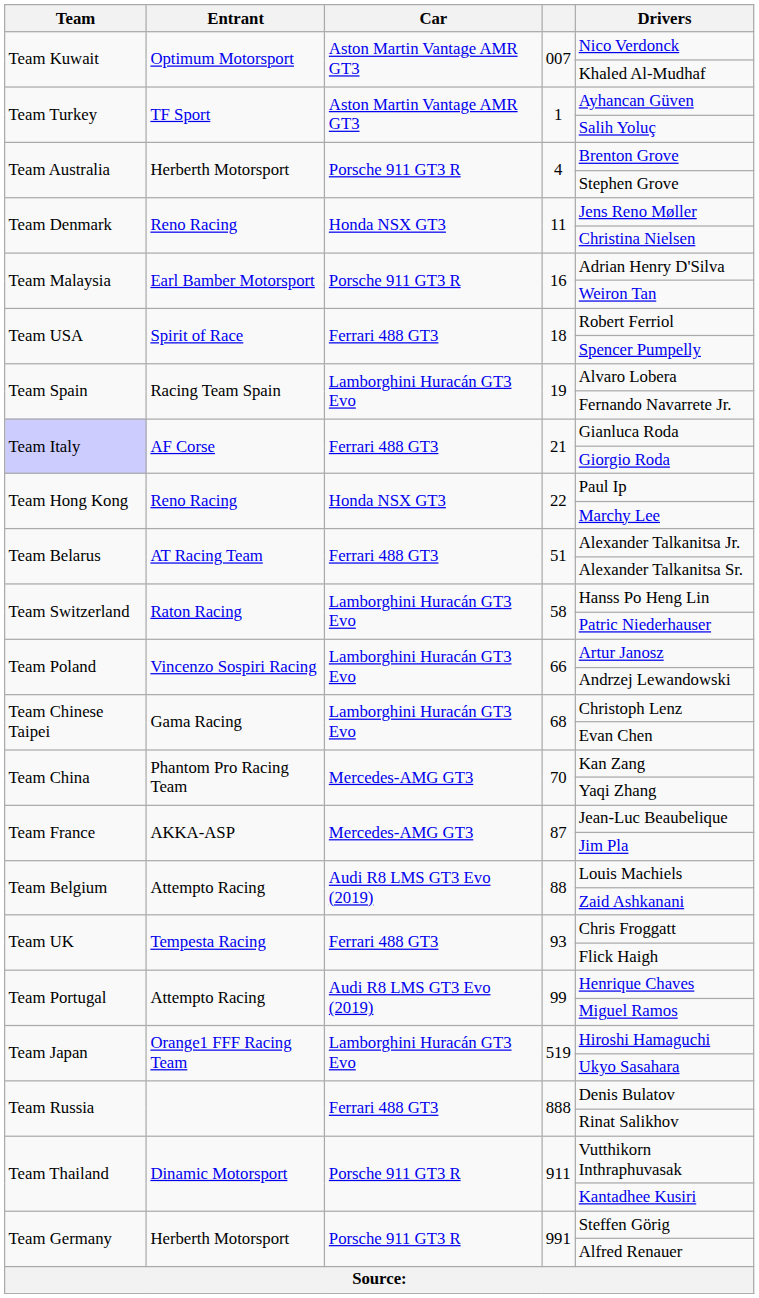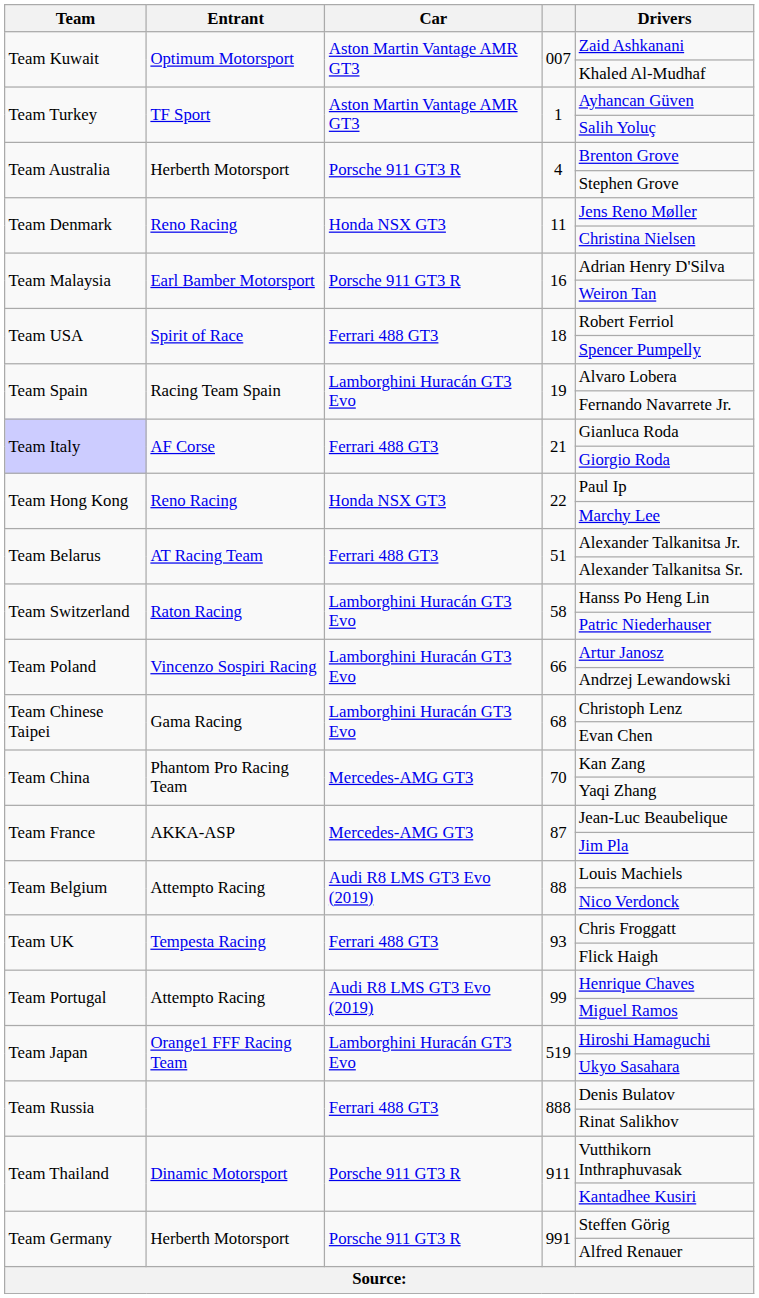 <table class="wikitable" style="font-size: 85%;">
 <tr>
 <th>Team</th>
 <th>Entrant</th>
 <th>Car</th>
 <th></th>
 <th>Drivers</th>
 </tr>
 <tr>
 <td rowspan=2> Team Kuwait</td>
 <td rowspan=2><a href='#'>Optimum Motorsport</a></td>
 <td rowspan=2><a href='#'>Aston Martin Vantage AMR GT3</a></td>
 <td rowspan=2 align="center">007</td>
-<td><a href='#'>Nico Verdonck</a></td>
+<td><a href='#'>Zaid Ashkanani</a></td>
 </tr>
 <tr>
 <td>Khaled Al-Mudhaf</td>
 </tr>
 <tr>
 <td rowspan=2> Team Turkey</td>
 <td rowspan=2><a href='#'>TF Sport</a></td>
 <td rowspan=2><a href='#'>Aston Martin Vantage AMR GT3</a></td>
 <td rowspan=2 align="center">1</td>
 <td><a href='#'>Ayhancan Güven</a></td>
 </tr>
 <tr>
 <td><a href='#'>Salih Yoluç</a></td>
 </tr>
 <tr>
 <td rowspan=2> Team Australia</td>
 <td rowspan=2>Herberth Motorsport</td>
 <td rowspan=2><a href='#'>Porsche 911 GT3 R</a></td>
 <td rowspan=2 align="center">4</td>
 <td><a href='#'>Brenton Grove</a></td>
 </tr>
 <tr>
 <td>Stephen Grove</td>
 </tr>
 <tr>
 <td rowspan=2> Team Denmark</td>
 <td rowspan=2><a href='#'>Reno Racing</a></td>
 <td rowspan=2><a href='#'>Honda NSX GT3</a></td>
 <td rowspan=2 align="center">11</td>
 <td><a href='#'>Jens Reno Møller</a></td>
 </tr>
 <tr>
 <td><a href='#'>Christina Nielsen</a></td>
 </tr>
 <tr>
 <td rowspan=2> Team Malaysia</td>
 <td rowspan=2><a href='#'>Earl Bamber Motorsport</a></td>
 <td rowspan=2><a href='#'>Porsche 911 GT3 R</a></td>
 <td rowspan=2 align="center">16</td>
 <td>Adrian Henry D'Silva</td>
 </tr>
 <tr>
 <td><a href='#'>Weiron Tan</a></td>
 </tr>
 <tr>
 <td rowspan=2> Team USA</td>
 <td rowspan=2><a href='#'>Spirit of Race</a></td>
 <td rowspan=2><a href='#'>Ferrari 488 GT3</a></td>
 <td rowspan=2 align="center">18</td>
 <td>Robert Ferriol</td>
 </tr>
 <tr>
 <td><a href='#'>Spencer Pumpelly</a></td>
 </tr>
 <tr>
 <td rowspan=2> Team Spain</td>
 <td rowspan=2>Racing Team Spain</td>
 <td rowspan=2><a href='#'>Lamborghini Huracán GT3 Evo</a></td>
 <td rowspan=2 align="center">19</td>
 <td>Alvaro Lobera</td>
 </tr>
 <tr>
 <td>Fernando Navarrete Jr.</td>
 </tr>
 <tr>
 <td style="background:#ccccff" rowspan=2> Team Italy</td>
 <td rowspan=2><a href='#'>AF Corse</a></td>
 <td rowspan=2><a href='#'>Ferrari 488 GT3</a></td>
 <td rowspan=2 align="center">21</td>
 <td>Gianluca Roda</td>
 </tr>
 <tr>
 <td><a href='#'>Giorgio Roda</a></td>
 </tr>
 <tr>
 <td rowspan=2> Team Hong Kong</td>
 <td rowspan=2><a href='#'>Reno Racing</a></td>
 <td rowspan=2><a href='#'>Honda NSX GT3</a></td>
 <td rowspan=2 align="center">22</td>
 <td>Paul Ip</td>
 </tr>
 <tr>
 <td><a href='#'>Marchy Lee</a></td>
 </tr>
 <tr>
 <td rowspan=2> Team Belarus</td>
 <td rowspan=2><a href='#'>AT Racing Team</a></td>
 <td rowspan=2><a href='#'>Ferrari 488 GT3</a></td>
 <td rowspan=2 align="center">51</td>
 <td>Alexander Talkanitsa Jr.</td>
 </tr>
 <tr>
 <td>Alexander Talkanitsa Sr.</td>
 </tr>
 <tr>
 <td rowspan=2> Team Switzerland</td>
 <td rowspan=2><a href='#'>Raton Racing</a></td>
 <td rowspan=2><a href='#'>Lamborghini Huracán GT3 Evo</a></td>
 <td rowspan=2 align="center">58</td>
 <td>Hanss Po Heng Lin</td>
 </tr>
 <tr>
 <td><a href='#'>Patric Niederhauser</a></td>
 </tr>
 <tr>
 <td rowspan=2> Team Poland</td>
 <td rowspan=2><a href='#'>Vincenzo Sospiri Racing</a></td>
 <td rowspan=2><a href='#'>Lamborghini Huracán GT3 Evo</a></td>
 <td rowspan=2 align="center">66</td>
 <td><a href='#'>Artur Janosz</a></td>
 </tr>
 <tr>
 <td>Andrzej Lewandowski</td>
 </tr>
 <tr>
 <td rowspan=2> Team Chinese Taipei</td>
 <td rowspan=2>Gama Racing</td>
 <td rowspan=2><a href='#'>Lamborghini Huracán GT3 Evo</a></td>
 <td rowspan=2 align="center">68</td>
 <td>Christoph Lenz</td>
 </tr>
 <tr>
 <td>Evan Chen</td>
 </tr>
 <tr>
 <td rowspan=2> Team China</td>
 <td rowspan=2>Phantom Pro Racing Team</td>
 <td rowspan=2><a href='#'>Mercedes-AMG GT3</a></td>
 <td rowspan=2 align="center">70</td>
 <td>Kan Zang</td>
 </tr>
 <tr>
 <td>Yaqi Zhang</td>
 </tr>
 <tr>
 <td rowspan=2> Team France</td>
 <td rowspan=2>AKKA-ASP</td>
 <td rowspan=2><a href='#'>Mercedes-AMG GT3</a></td>
 <td rowspan=2 align="center">87</td>
 <td>Jean-Luc Beaubelique</td>
 </tr>
 <tr>
 <td><a href='#'>Jim Pla</a></td>
 </tr>
 <tr>
 <td rowspan=2> Team Belgium</td>
 <td rowspan=2>Attempto Racing</td>
 <td rowspan=2><a href='#'>Audi R8 LMS GT3 Evo (2019)</a></td>
 <td rowspan=2 align="center">88</td>
 <td>Louis Machiels</td>
 </tr>
 <tr>
-<td><a href='#'>Zaid Ashkanani</a></td>
+<td><a href='#'>Nico Verdonck</a></td>
 </tr>
 <tr>
 <td rowspan=2> Team UK</td>
 <td rowspan=2><a href='#'>Tempesta Racing</a></td>
 <td rowspan=2><a href='#'>Ferrari 488 GT3</a></td>
 <td rowspan=2 align="center">93</td>
 <td>Chris Froggatt</td>
 </tr>
 <tr>
 <td>Flick Haigh</td>
 </tr>
 <tr>
 <td rowspan=2> Team Portugal</td>
 <td rowspan=2>Attempto Racing</td>
 <td rowspan=2><a href='#'>Audi R8 LMS GT3 Evo (2019)</a></td>
 <td rowspan=2 align="center">99</td>
 <td><a href='#'>Henrique Chaves</a></td>
 </tr>
 <tr>
 <td><a href='#'>Miguel Ramos</a></td>
 </tr>
 <tr>
 <td rowspan=2> Team Japan</td>
 <td rowspan=2><a href='#'>Orange1 FFF Racing Team</a></td>
 <td rowspan=2><a href='#'>Lamborghini Huracán GT3 Evo</a></td>
 <td rowspan=2 align="center">519</td>
 <td><a href='#'>Hiroshi Hamaguchi</a></td>
 </tr>
 <tr>
 <td><a href='#'>Ukyo Sasahara</a></td>
 </tr>
 <tr>
 <td rowspan=2> Team Russia</td>
 <td rowspan=2></td>
 <td rowspan=2><a href='#'>Ferrari 488 GT3</a></td>
 <td rowspan=2 align="center">888</td>
 <td>Denis Bulatov</td>
 </tr>
 <tr>
 <td>Rinat Salikhov</td>
 </tr>
 <tr>
 <td rowspan=2> Team Thailand</td>
 <td rowspan=2><a href='#'>Dinamic Motorsport</a></td>
 <td rowspan=2><a href='#'>Porsche 911 GT3 R</a></td>
 <td rowspan=2 align="center">911</td>
 <td>Vutthikorn Inthraphuvasak</td>
 </tr>
 <tr>
 <td><a href='#'>Kantadhee Kusiri</a></td>
 </tr>
 <tr>
 <td rowspan=2> Team Germany</td>
 <td rowspan=2>Herberth Motorsport</td>
 <td rowspan=2><a href='#'>Porsche 911 GT3 R</a></td>
 <td rowspan=2 align="center">991</td>
 <td>Steffen Görig</td>
 </tr>
 <tr>
 <td>Alfred Renauer</td>
 </tr>
 <tr>
 <th colspan=5>Source:</th>
 </tr>
 </table>
